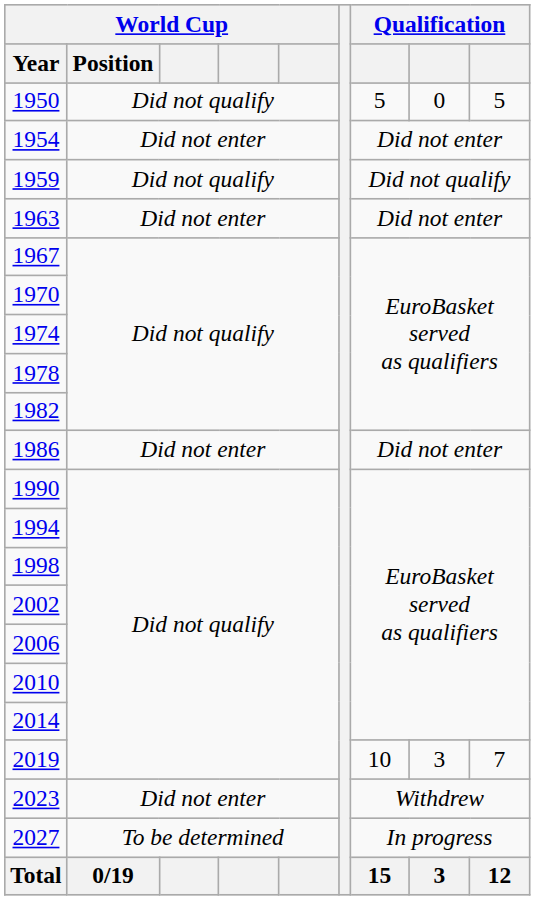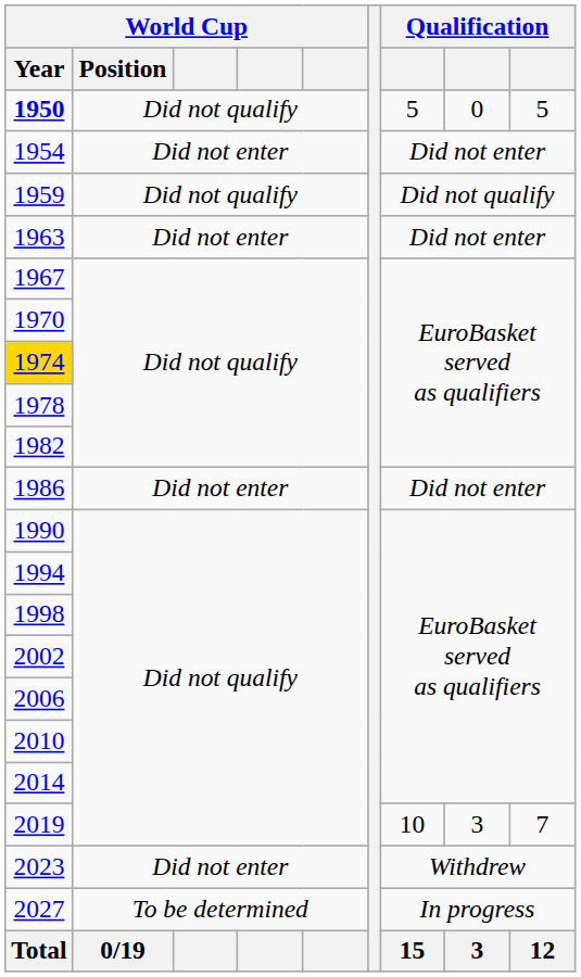 <table class="wikitable" style="text-align: center;font-size:90%;">
 <tr>
 <th colspan=5><a href='#'>World Cup</a></th>
 <th rowspan=23></th>
 <th colspan=3><a href='#'>Qualification</a></th>
 </tr>
 <tr>
 <th>Year</th>
 <th>Position</th>
 <th width=30></th>
 <th width=30></th>
 <th width=30></th>
 <th width=30></th>
 <th width=30></th>
 <th width=30></th>
 </tr>
 <tr>
-<td> <a href='#'>1950</a></td>
+<td><strong> <a href='#'>1950</a></strong></td>
 <td colspan=4><em>Did not qualify</em></td>
 <td>5</td>
 <td>0</td>
 <td>5</td>
 </tr>
 <tr>
 <td> <a href='#'>1954</a></td>
 <td colspan=4><em>Did not enter</em></td>
 <td colspan=3><em>Did not enter</em></td>
 </tr>
 <tr>
 <td> <a href='#'>1959</a></td>
 <td colspan=4><em>Did not qualify</em></td>
 <td colspan=3><em>Did not qualify</em></td>
 </tr>
 <tr>
 <td> <a href='#'>1963</a></td>
 <td colspan=4><em>Did not enter</em></td>
 <td colspan=3><em>Did not enter</em></td>
 </tr>
 <tr>
 <td> <a href='#'>1967</a></td>
 <td colspan=4 rowspan=5><em>Did not qualify</em></td>
 <td colspan=3 rowspan=5><em>EuroBasket served<br>as qualifiers</em></td>
 </tr>
 <tr>
 <td> <a href='#'>1970</a></td>
 </tr>
 <tr>
-<td> <a href='#'>1974</a></td>
+<td style="background: gold;"> <a href='#'>1974</a></td>
 </tr>
 <tr>
 <td> <a href='#'>1978</a></td>
 </tr>
 <tr>
 <td> <a href='#'>1982</a></td>
 </tr>
 <tr>
 <td> <a href='#'>1986</a></td>
 <td colspan=4><em>Did not enter</em></td>
 <td colspan=3><em>Did not enter</em></td>
 </tr>
 <tr>
 <td> <a href='#'>1990</a></td>
 <td colspan=4 rowspan=8><em>Did not qualify</em></td>
 <td colspan=3 rowspan=7><em>EuroBasket served<br>as qualifiers</em></td>
 </tr>
 <tr>
 <td> <a href='#'>1994</a></td>
 </tr>
 <tr>
 <td> <a href='#'>1998</a></td>
 </tr>
 <tr>
 <td> <a href='#'>2002</a></td>
 </tr>
 <tr>
 <td> <a href='#'>2006</a></td>
 </tr>
 <tr>
 <td> <a href='#'>2010</a></td>
 </tr>
 <tr>
 <td> <a href='#'>2014</a></td>
 </tr>
 <tr>
 <td> <a href='#'>2019</a></td>
 <td>10</td>
 <td>3</td>
 <td>7</td>
 </tr>
 <tr>
 <td> <a href='#'>2023</a></td>
 <td colspan=4><em>Did not enter</em></td>
 <td colspan=3><em>Withdrew</em></td>
 </tr>
 <tr>
 <td> <a href='#'>2027</a></td>
 <td colspan=4><em>To be determined</em></td>
 <td colspan=3><em>In progress</em></td>
 </tr>
 <tr>
 <th>Total</th>
 <th>0/19</th>
 <th></th>
 <th></th>
 <th></th>
 <th>15</th>
 <th>3</th>
 <th>12</th>
 </tr>
 </table>
